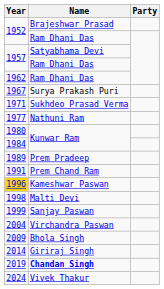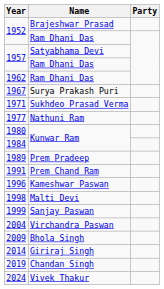 <table class="wikitable">
 <tr>
 <th>Year</th>
 <th>Name</th>
 <th colspan="2">Party</th>
 </tr>
 <tr>
 <td rowspan="2"><a href='#'>1952</a></td>
 <td><a href='#'>Brajeshwar Prasad</a></td>
 <td></td>
 </tr>
 <tr>
 <td><a href='#'>Ram Dhani Das</a></td>
 </tr>
 <tr>
 <td rowspan="2"><a href='#'>1957</a></td>
 <td><a href='#'>Satyabhama Devi</a></td>
 </tr>
 <tr>
 <td><a href='#'>Ram Dhani Das</a></td>
 </tr>
 <tr>
 <td><a href='#'>1962</a></td>
 <td><a href='#'>Ram Dhani Das</a></td>
 </tr>
 <tr>
 <td><a href='#'>1967</a></td>
 <td>Surya Prakash Puri</td>
 <td></td>
 </tr>
 <tr>
 <td><a href='#'>1971</a></td>
 <td><a href='#'>Sukhdeo Prasad Verma</a></td>
 <td></td>
 </tr>
 <tr>
 <td><a href='#'>1977</a></td>
 <td><a href='#'>Nathuni Ram</a></td>
 <td></td>
 </tr>
 <tr>
 <td><a href='#'>1980</a></td>
 <td rowspan="2"><a href='#'>Kunwar Ram</a></td>
 <td></td>
 </tr>
 <tr>
 <td><a href='#'>1984</a></td>
 </tr>
 <tr>
 <td><a href='#'>1989</a></td>
 <td><a href='#'>Prem Pradeep</a></td>
 <td></td>
 </tr>
 <tr>
 <td><a href='#'>1991</a></td>
 <td><a href='#'>Prem Chand Ram</a></td>
 </tr>
 <tr>
-<td style="background: gold;"><a href='#'>1996</a></td>
+<td><a href='#'>1996</a></td>
 <td><a href='#'>Kameshwar Paswan</a></td>
 <td></td>
 </tr>
 <tr>
 <td><a href='#'>1998</a></td>
 <td><a href='#'>Malti Devi</a></td>
 <td></td>
 </tr>
 <tr>
 <td><a href='#'>1999</a></td>
 <td><a href='#'>Sanjay Paswan</a></td>
 <td></td>
 </tr>
 <tr>
 <td><a href='#'>2004</a></td>
 <td><a href='#'>Virchandra Paswan</a></td>
 <td></td>
 </tr>
 <tr>
 <td><a href='#'>2009</a></td>
 <td><a href='#'>Bhola Singh</a></td>
 <td></td>
 </tr>
 <tr>
 <td><a href='#'>2014</a></td>
 <td><a href='#'>Giriraj Singh</a></td>
 </tr>
 <tr>
 <td><a href='#'>2019</a></td>
-<td><strong><a href='#'>Chandan Singh</a></strong></td>
+<td><a href='#'>Chandan Singh</a></td>
 <td></td>
 </tr>
 <tr>
 <td><a href='#'>2024</a></td>
 <td><a href='#'>Vivek Thakur</a></td>
 <td></td>
 </tr>
 </table>
